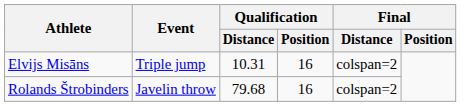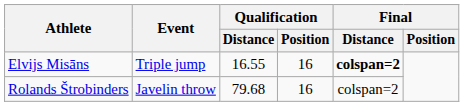 <table class=wikitable style="font-size:90%">
 <tr>
 <th rowspan="2">Athlete</th>
 <th rowspan="2">Event</th>
 <th colspan="2">Qualification</th>
 <th colspan="2">Final</th>
 </tr>
 <tr style="font-size:95%">
 <th>Distance</th>
 <th>Position</th>
 <th>Distance</th>
 <th>Position</th>
 </tr>
 <tr style=text-align:center>
 <td style=text-align:left><a href='#'>Elvijs Misāns</a></td>
 <td style=text-align:left><a href='#'>Triple jump</a></td>
-<td>10.31</td>
+<td>16.55</td>
 <td>16</td>
-<td>colspan=2 </td>
+<td><strong>colspan=2 </strong></td>
 </tr>
 <tr style=text-align:center>
 <td style=text-align:left><a href='#'>Rolands Štrobinders</a></td>
 <td style=text-align:left><a href='#'>Javelin throw</a></td>
 <td>79.68</td>
 <td>16</td>
 <td>colspan=2 </td>
 </tr>
 </table>
